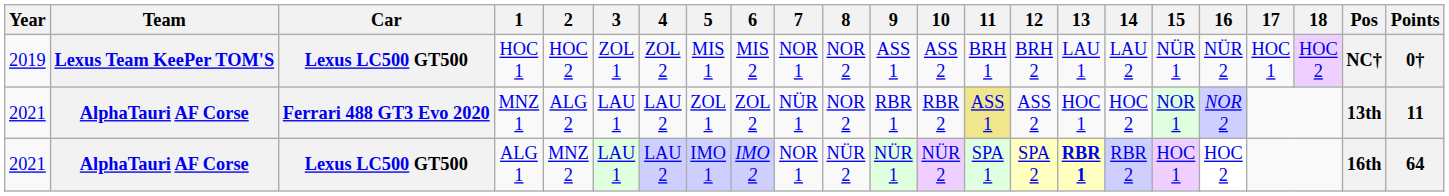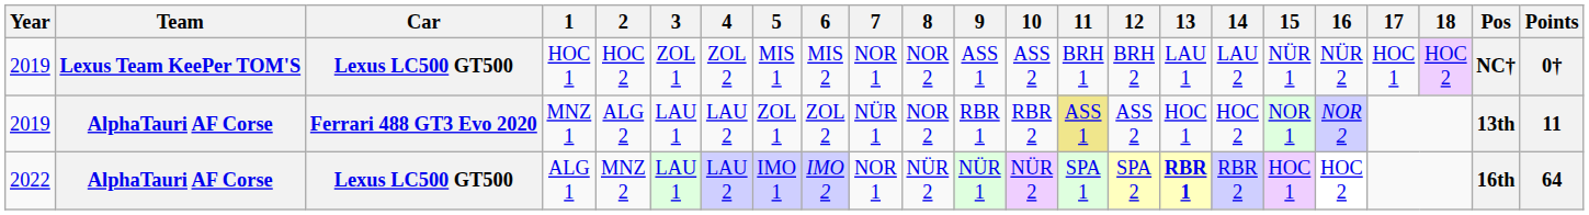 <table class="wikitable" style="text-align:center; font-size:85%">
 <tr>
 <th>Year</th>
 <th>Team</th>
 <th>Car</th>
 <th>1</th>
 <th>2</th>
 <th>3</th>
 <th>4</th>
 <th>5</th>
 <th>6</th>
 <th>7</th>
 <th>8</th>
 <th>9</th>
 <th>10</th>
 <th>11</th>
 <th>12</th>
 <th>13</th>
 <th>14</th>
 <th>15</th>
 <th>16</th>
 <th>17</th>
 <th>18</th>
 <th>Pos</th>
 <th>Points</th>
 </tr>
 <tr>
 <td><a href='#'>2019</a></td>
 <th nowrap><a href='#'>Lexus Team KeePer TOM'S</a></th>
 <th nowrap><a href='#'>Lexus LC500</a> GT500</th>
 <td><a href='#'>HOC<br>1</a></td>
 <td><a href='#'>HOC<br>2</a></td>
 <td><a href='#'>ZOL<br>1</a></td>
 <td><a href='#'>ZOL<br>2</a></td>
 <td><a href='#'>MIS<br>1</a></td>
 <td><a href='#'>MIS<br>2</a></td>
 <td><a href='#'>NOR<br>1</a></td>
 <td><a href='#'>NOR<br>2</a></td>
 <td><a href='#'>ASS<br>1</a></td>
 <td><a href='#'>ASS<br>2</a></td>
 <td><a href='#'>BRH<br>1</a></td>
 <td><a href='#'>BRH<br>2</a></td>
 <td><a href='#'>LAU<br>1</a></td>
 <td><a href='#'>LAU<br>2</a></td>
 <td><a href='#'>NÜR<br>1</a></td>
 <td><a href='#'>NÜR<br>2</a></td>
 <td><a href='#'>HOC<br>1</a></td>
 <td style="background:#EFCFFF"><a href='#'>HOC<br>2</a><br></td>
 <th>NC†</th>
 <th>0†</th>
 </tr>
 <tr>
-<td><a href='#'>2021</a></td>
+<td><a href='#'>2019</a></td>
 <th nowrap><a href='#'>AlphaTauri</a> <a href='#'>AF Corse</a></th>
 <th nowrap><a href='#'>Ferrari 488 GT3 Evo 2020</a></th>
 <td><a href='#'>MNZ<br>1</a></td>
 <td><a href='#'>ALG<br>2</a></td>
 <td><a href='#'>LAU<br>1</a></td>
 <td><a href='#'>LAU<br>2</a></td>
 <td><a href='#'>ZOL<br>1</a></td>
 <td><a href='#'>ZOL<br>2</a></td>
 <td><a href='#'>NÜR<br>1</a></td>
 <td><a href='#'>NOR<br>2</a></td>
 <td><a href='#'>RBR<br>1</a></td>
 <td><a href='#'>RBR<br>2</a></td>
 <td style="background: khaki;"><a href='#'>ASS<br>1</a></td>
 <td><a href='#'>ASS<br>2</a></td>
 <td><a href='#'>HOC<br>1</a></td>
 <td><a href='#'>HOC<br>2</a></td>
 <td style="background:#DFFFDF"><a href='#'>NOR<br>1</a><br></td>
 <td style="background:#CFCFFF"><em><a href='#'>NOR<br>2</a></em><br></td>
 <td colspan=2></td>
 <th>13th</th>
 <th>11</th>
 </tr>
 <tr>
-<td><a href='#'>2021</a></td>
+<td><a href='#'>2022</a></td>
 <th nowrap><a href='#'>AlphaTauri</a> <a href='#'>AF Corse</a></th>
 <th nowrap><a href='#'>Lexus LC500</a> GT500</th>
 <td><a href='#'>ALG<br>1</a></td>
 <td><a href='#'>MNZ<br>2</a></td>
 <td style="background:#DFFFDF"><a href='#'>LAU<br>1</a><br></td>
 <td style="background:#CFCFFF"><a href='#'>LAU<br>2</a><br></td>
 <td style="background:#CFCFFF"><a href='#'>IMO<br>1</a><br></td>
 <td style="background:#CFCFFF"><em><a href='#'>IMO<br>2</a></em><br></td>
 <td><a href='#'>NOR<br>1</a></td>
 <td><a href='#'>NÜR<br>2</a></td>
 <td style="background:#DFFFDF"><a href='#'>NÜR<br>1</a><br></td>
 <td style="background:#EFCFFF"><a href='#'>NÜR<br>2</a><br></td>
 <td style="background:#DFFFDF"><a href='#'>SPA<br>1</a><br></td>
 <td style="background:#FFFFBF"><a href='#'>SPA<br>2</a><br></td>
 <td style="background:#FFFFBF"><strong><a href='#'>RBR<br>1</a></strong><br></td>
 <td style="background:#CFCFFF"><a href='#'>RBR<br>2</a><br></td>
 <td style="background:#EFCFFF"><a href='#'>HOC<br>1</a><br></td>
 <td style="background:#FFFFFF"><a href='#'>HOC<br>2</a><br></td>
 <td colspan=2></td>
 <th>16th</th>
 <th>64</th>
 </tr>
 </table>
